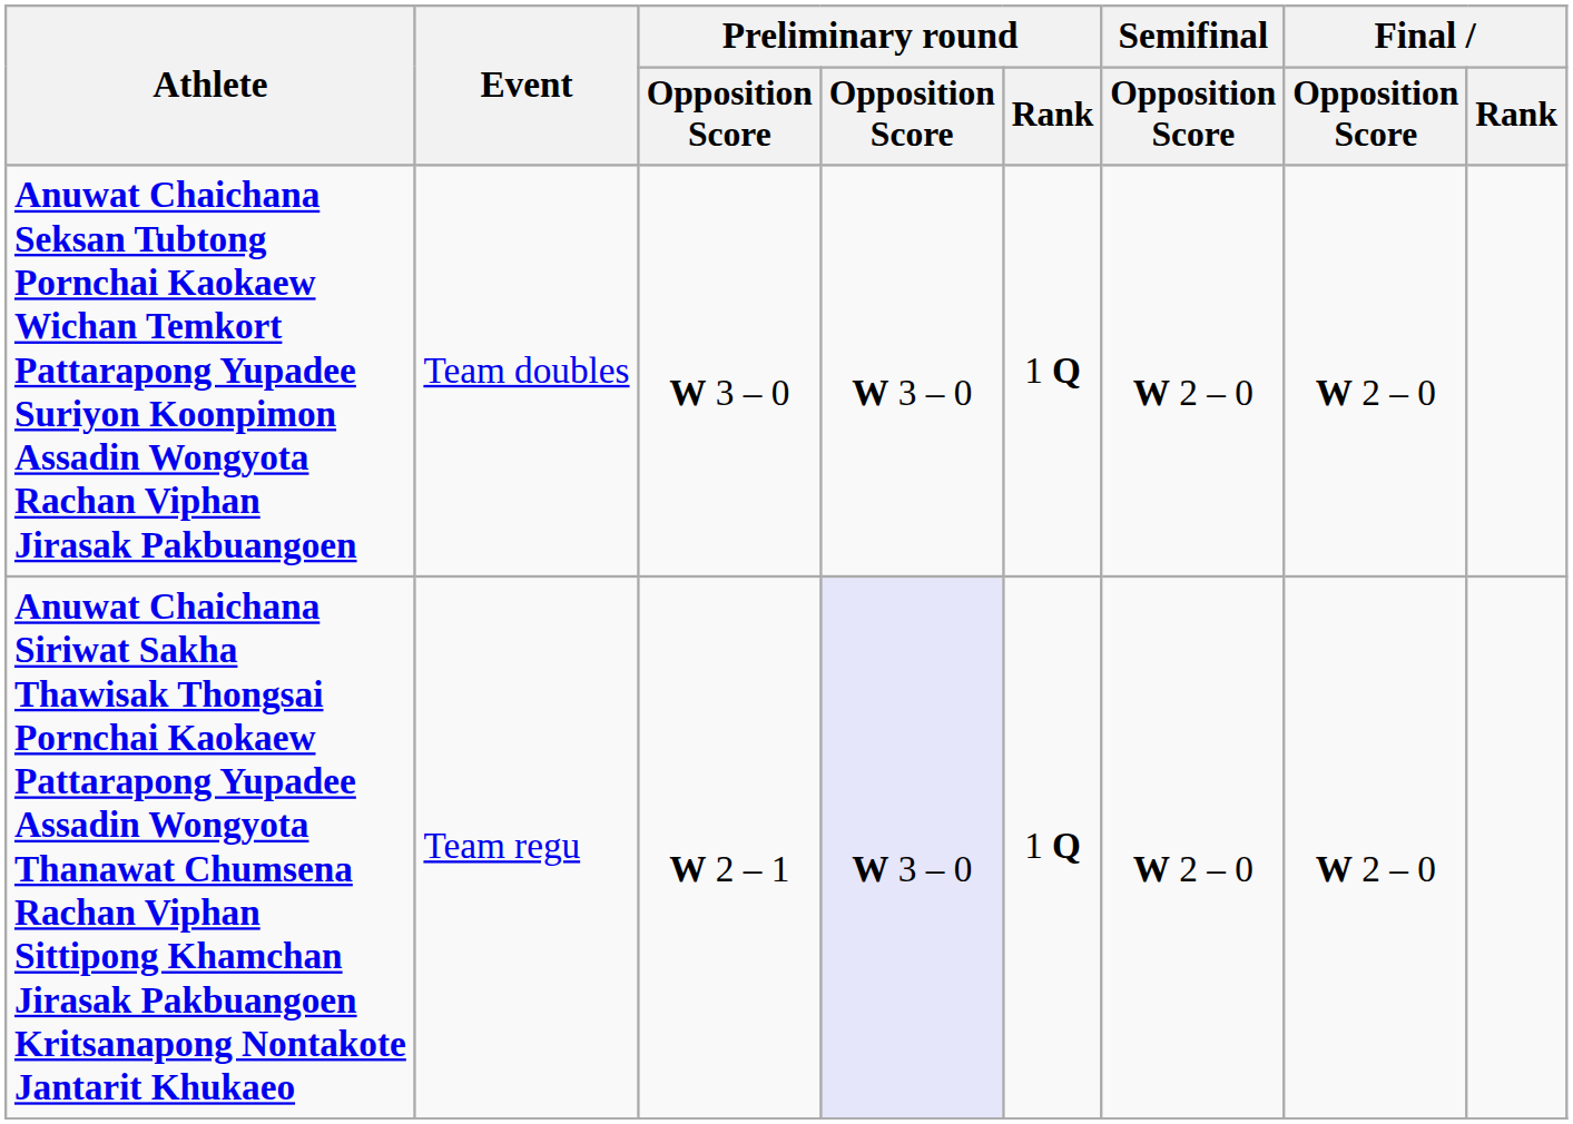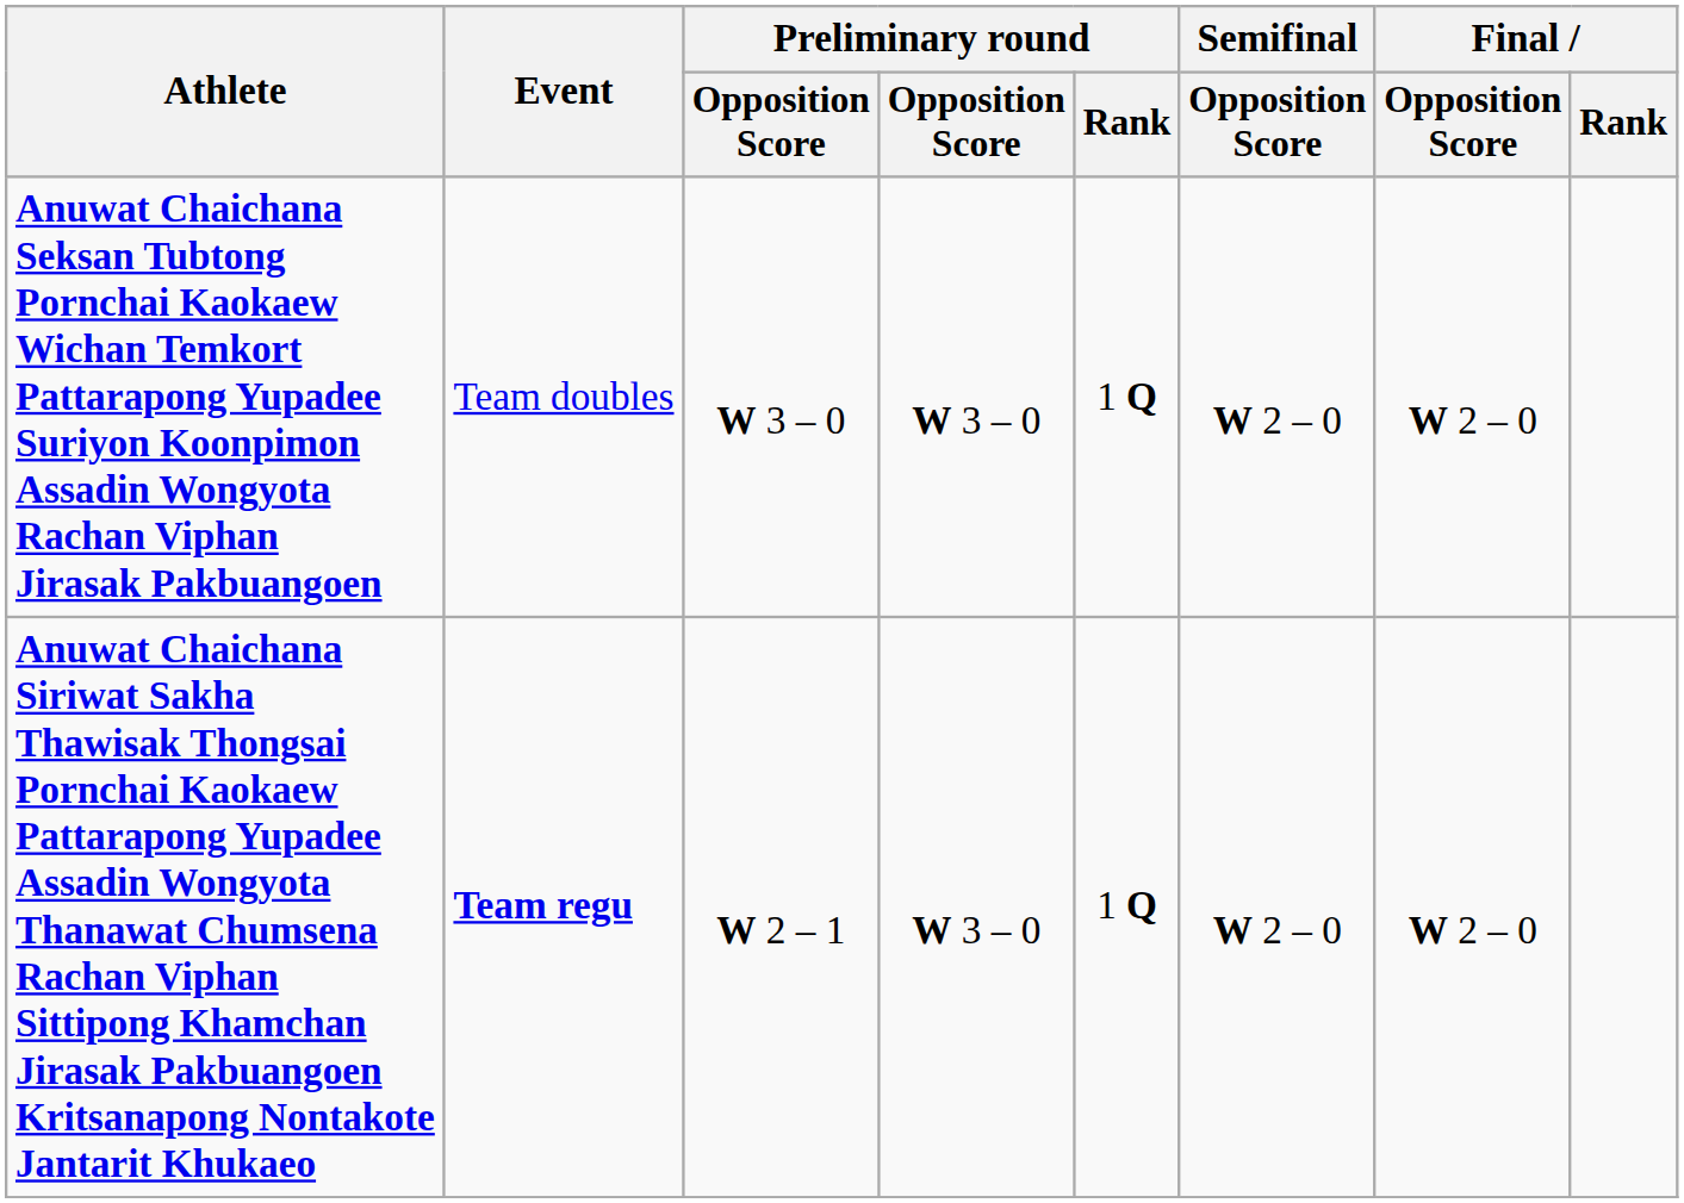 <table class=wikitable style="font-size:90%">
 <tr>
 <th rowspan="2">Athlete</th>
 <th rowspan="2">Event</th>
 <th colspan=3>Preliminary round</th>
 <th>Semifinal</th>
 <th colspan=2>Final / </th>
 </tr>
 <tr style="font-size:95%">
 <th>Opposition<br>Score</th>
 <th>Opposition<br>Score</th>
 <th>Rank</th>
 <th>Opposition<br>Score</th>
 <th>Opposition<br>Score</th>
 <th>Rank</th>
 </tr>
 <tr>
 <td><strong><a href='#'>Anuwat Chaichana</a><br> <a href='#'>Seksan Tubtong</a><br> <a href='#'>Pornchai Kaokaew</a><br> <a href='#'>Wichan Temkort</a><br> <a href='#'>Pattarapong Yupadee</a><br> <a href='#'>Suriyon Koonpimon</a><br> <a href='#'>Assadin Wongyota</a><br> <a href='#'>Rachan Viphan</a><br> <a href='#'>Jirasak Pakbuangoen</a></strong></td>
 <td><a href='#'>Team doubles</a></td>
 <td align=center> <br><strong>W</strong> 3 – 0</td>
 <td align=center> <br><strong>W</strong> 3 – 0</td>
 <td align=center>1 <strong>Q</strong></td>
 <td align=center> <br><strong>W</strong> 2 – 0</td>
 <td align=center> <br> <strong>W</strong> 2 – 0</td>
 <td align=center></td>
 </tr>
 <tr>
 <td><strong><a href='#'>Anuwat Chaichana</a><br> <a href='#'>Siriwat Sakha</a><br> <a href='#'>Thawisak Thongsai</a><br> <a href='#'>Pornchai Kaokaew</a><br> <a href='#'>Pattarapong Yupadee</a><br> <a href='#'>Assadin Wongyota</a><br> <a href='#'>Thanawat Chumsena</a><br> <a href='#'>Rachan Viphan</a><br> <a href='#'>Sittipong Khamchan</a><br> <a href='#'>Jirasak Pakbuangoen</a><br> <a href='#'>Kritsanapong Nontakote</a><br> <a href='#'>Jantarit Khukaeo</a></strong></td>
-<td><a href='#'>Team regu</a></td>
+<td><strong><a href='#'>Team regu</a></strong></td>
 <td align=center> <br><strong>W</strong> 2 – 1</td>
-<td align=center style="background: lavender;"> <br><strong>W</strong> 3 – 0</td>
+<td align=center> <br><strong>W</strong> 3 – 0</td>
 <td align=center>1 <strong>Q</strong></td>
 <td align=center> <br> <strong>W</strong> 2 – 0</td>
 <td align=center> <br> <strong>W</strong> 2 – 0</td>
 <td align=center></td>
 </tr>
 <tr>
 </tr>
 </table>
